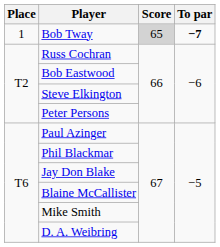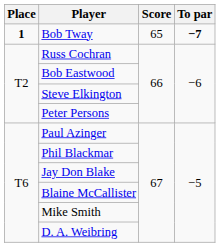 <table class="wikitable">
 <tr>
 <th>Place</th>
 <th>Player</th>
 <th>Score</th>
 <th>To par</th>
 </tr>
 <tr>
-<td align=center>1</td>
+<td align=center><strong>1</strong></td>
 <td> <a href='#'>Bob Tway</a></td>
-<td align=center style="background: lightgrey;">65</td>
+<td align=center>65</td>
 <td align=center><strong>−7</strong></td>
 </tr>
 <tr>
 <td rowspan=4 align=center>T2</td>
 <td> <a href='#'>Russ Cochran</a></td>
 <td rowspan=4 align=center>66</td>
 <td rowspan=4 align=center>−6</td>
 </tr>
 <tr>
 <td> <a href='#'>Bob Eastwood</a></td>
 </tr>
 <tr>
 <td> <a href='#'>Steve Elkington</a></td>
 </tr>
 <tr>
 <td> <a href='#'>Peter Persons</a></td>
 </tr>
 <tr>
 <td rowspan=6 align=center>T6</td>
 <td> <a href='#'>Paul Azinger</a></td>
 <td rowspan=6 align=center>67</td>
 <td rowspan=6 align=center>−5</td>
 </tr>
 <tr>
 <td> <a href='#'>Phil Blackmar</a></td>
 </tr>
 <tr>
 <td> <a href='#'>Jay Don Blake</a></td>
 </tr>
 <tr>
 <td> <a href='#'>Blaine McCallister</a></td>
 </tr>
 <tr>
 <td> Mike Smith</td>
 </tr>
 <tr>
 <td> <a href='#'>D. A. Weibring</a></td>
 </tr>
 </table>
